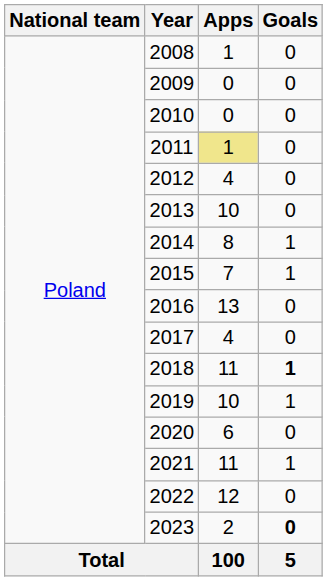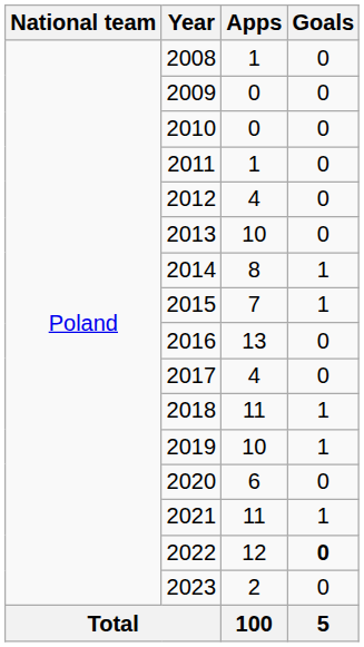 <table class="wikitable" style="text-align:center">
 <tr>
 <th>National team</th>
 <th>Year</th>
 <th>Apps</th>
 <th>Goals</th>
 </tr>
 <tr>
 <td rowspan="16"><a href='#'>Poland</a></td>
 <td>2008</td>
 <td>1</td>
 <td>0</td>
 </tr>
 <tr>
 <td>2009</td>
 <td>0</td>
 <td>0</td>
 </tr>
 <tr>
 <td>2010</td>
 <td>0</td>
 <td>0</td>
 </tr>
 <tr>
 <td>2011</td>
-<td style="background: khaki;">1</td>
+<td>1</td>
 <td>0</td>
 </tr>
 <tr>
 <td>2012</td>
 <td>4</td>
 <td>0</td>
 </tr>
 <tr>
 <td>2013</td>
 <td>10</td>
 <td>0</td>
 </tr>
 <tr>
 <td>2014</td>
 <td>8</td>
 <td>1</td>
 </tr>
 <tr>
 <td>2015</td>
 <td>7</td>
 <td>1</td>
 </tr>
 <tr>
 <td>2016</td>
 <td>13</td>
 <td>0</td>
 </tr>
 <tr>
 <td>2017</td>
 <td>4</td>
 <td>0</td>
 </tr>
 <tr>
 <td>2018</td>
 <td>11</td>
-<td><strong>1</strong></td>
+<td>1</td>
 </tr>
 <tr>
 <td>2019</td>
 <td>10</td>
 <td>1</td>
 </tr>
 <tr>
 <td>2020</td>
 <td>6</td>
 <td>0</td>
 </tr>
 <tr>
 <td>2021</td>
 <td>11</td>
 <td>1</td>
 </tr>
 <tr>
 <td>2022</td>
 <td>12</td>
-<td>0</td>
+<td><strong>0</strong></td>
 </tr>
 <tr>
 <td>2023</td>
 <td>2</td>
-<td><strong>0</strong></td>
+<td>0</td>
 </tr>
 <tr>
 <th colspan="2">Total</th>
 <th>100</th>
 <th>5</th>
 </tr>
 </table>
